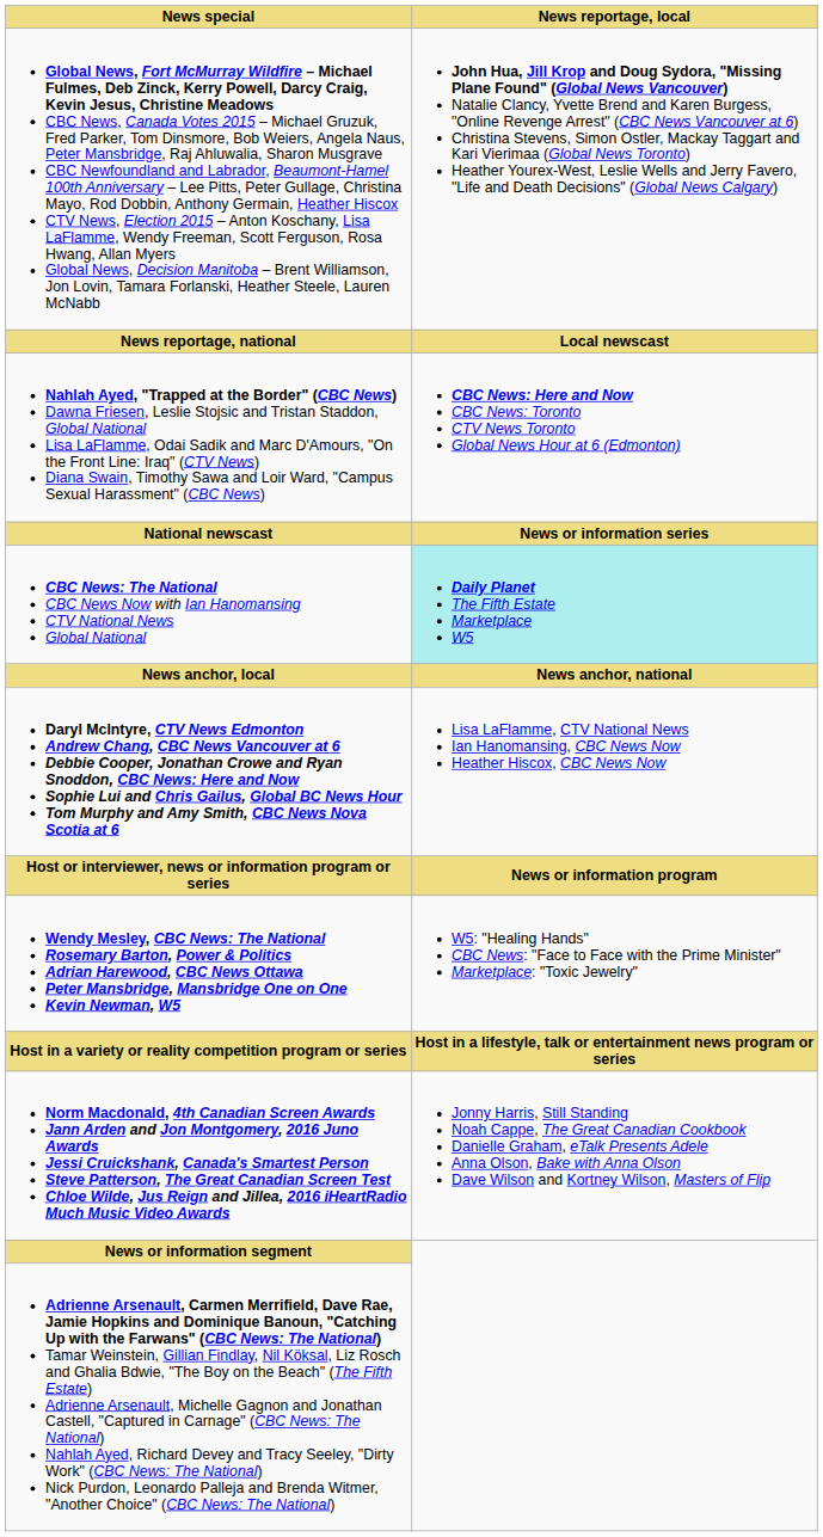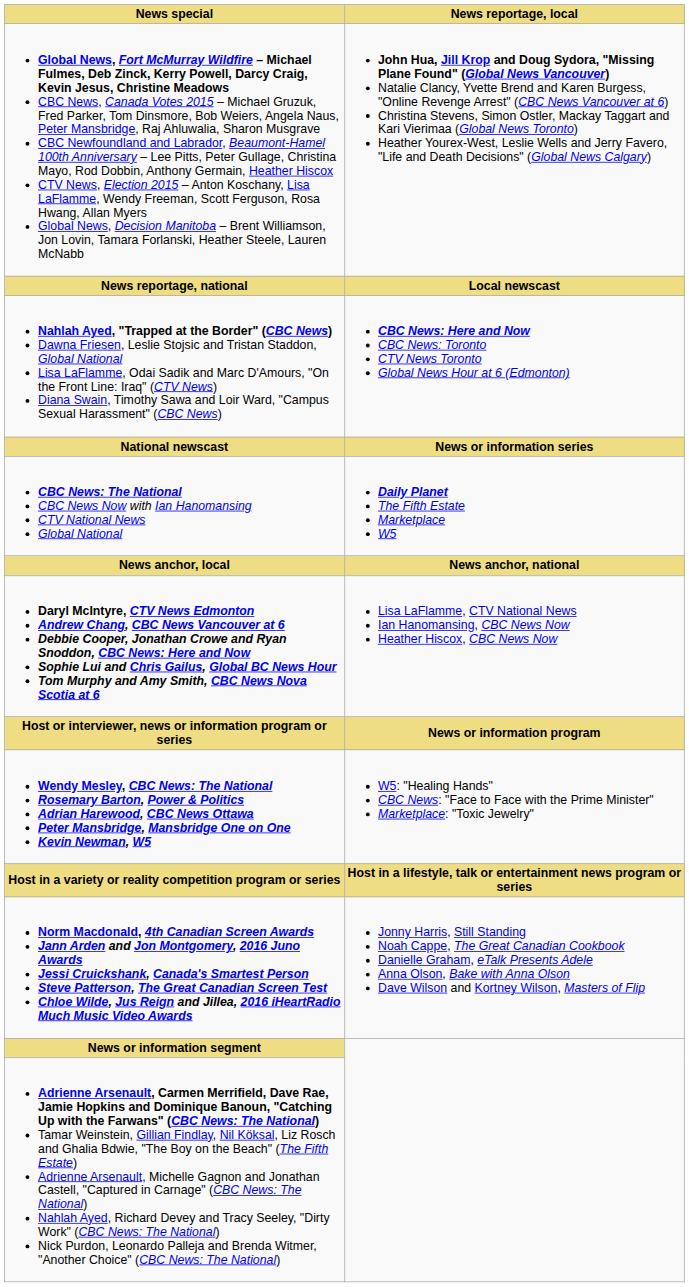 <table class=wikitable width="100%">
 <tr>
 <th style="background:#EEDD82; width:50%">News special</th>
 <th style="background:#EEDD82; width:50%">News reportage, local</th>
 </tr>
 <tr>
 <td valign="top"><br><ul><li> <strong><a href='#'>Global News</a>, <em><a href='#'>Fort McMurray Wildfire</a></em> – Michael Fulmes, Deb Zinck, Kerry Powell, Darcy Craig, Kevin Jesus, Christine Meadows</strong></li><li><a href='#'>CBC News</a>, <em><a href='#'>Canada Votes 2015</a></em> – Michael Gruzuk, Fred Parker, Tom Dinsmore, Bob Weiers, Angela Naus, <a href='#'>Peter Mansbridge</a>, Raj Ahluwalia, Sharon Musgrave</li><li><a href='#'>CBC Newfoundland and Labrador</a>, <em><a href='#'>Beaumont-Hamel 100th Anniversary</a></em> – Lee Pitts, Peter Gullage, Christina Mayo, Rod Dobbin, Anthony Germain, <a href='#'>Heather Hiscox</a></li><li><a href='#'>CTV News</a>, <em><a href='#'>Election 2015</a></em> – Anton Koschany, <a href='#'>Lisa LaFlamme</a>, Wendy Freeman, Scott Ferguson, Rosa Hwang, Allan Myers</li><li><a href='#'>Global News</a>, <em><a href='#'>Decision Manitoba</a></em> – Brent Williamson, Jon Lovin, Tamara Forlanski, Heather Steele, Lauren McNabb</li></ul></td>
 <td valign="top"><br><ul><li> <strong>John Hua, <a href='#'>Jill Krop</a> and Doug Sydora, "Missing Plane Found" (<em><a href='#'>Global News Vancouver</a></em>)</strong></li><li>Natalie Clancy, Yvette Brend and Karen Burgess, "Online Revenge Arrest" (<em><a href='#'>CBC News Vancouver at 6</a></em>)</li><li>Christina Stevens, Simon Ostler, Mackay Taggart and Kari Vierimaa (<em><a href='#'>Global News Toronto</a></em>)</li><li>Heather Yourex-West, Leslie Wells and Jerry Favero, "Life and Death Decisions" (<em><a href='#'>Global News Calgary</a></em>)</li></ul></td>
 </tr>
 <tr>
 <th style="background:#EEDD82; width:50%">News reportage, national</th>
 <th style="background:#EEDD82; width:50%">Local newscast</th>
 </tr>
 <tr>
 <td valign="top"><br><ul><li> <strong><a href='#'>Nahlah Ayed</a>, "Trapped at the Border" (<em><a href='#'>CBC News</a></em>)</strong></li><li><a href='#'>Dawna Friesen</a>, Leslie Stojsic and Tristan Staddon, <em><a href='#'>Global National</a></em></li><li><a href='#'>Lisa LaFlamme</a>, Odai Sadik and Marc D'Amours, "On the Front Line: Iraq" (<em><a href='#'>CTV News</a></em>)</li><li><a href='#'>Diana Swain</a>, Timothy Sawa and Loir Ward, "Campus Sexual Harassment" (<em><a href='#'>CBC News</a></em>)</li></ul></td>
 <td valign="top"><br><ul><li> <strong><em><a href='#'>CBC News: Here and Now</a></em></strong></li><li><em><a href='#'>CBC News: Toronto</a></em></li><li><em><a href='#'>CTV News Toronto</a></em></li><li><em><a href='#'>Global News Hour at 6 (Edmonton)</a></em></li></ul></td>
 </tr>
 <tr>
 <th style="background:#EEDD82; width:50%">National newscast</th>
 <th style="background:#EEDD82; width:50%">News or information series</th>
 </tr>
 <tr>
 <td valign="top"><br><ul><li> <strong><em><a href='#'>CBC News: The National</a></em></strong></li><li><em><a href='#'>CBC News Now</a> with <a href='#'>Ian Hanomansing</a></em></li><li><em><a href='#'>CTV National News</a></em></li><li><em><a href='#'>Global National</a></em></li></ul></td>
-<td valign="top" style="background: paleturquoise;"><br><ul><li> <strong><em><a href='#'>Daily Planet</a></em></strong></li><li><em><a href='#'>The Fifth Estate</a></em></li><li><em><a href='#'>Marketplace</a></em></li><li><em><a href='#'>W5</a></em></li></ul></td>
+<td valign="top"><br><ul><li> <strong><em><a href='#'>Daily Planet</a></em></strong></li><li><em><a href='#'>The Fifth Estate</a></em></li><li><em><a href='#'>Marketplace</a></em></li><li><em><a href='#'>W5</a></em></li></ul></td>
 </tr>
 <tr>
 <th style="background:#EEDD82; width:50%">News anchor, local</th>
 <th style="background:#EEDD82; width:50%">News anchor, national</th>
 </tr>
 <tr>
 <td valign="top"><br><ul><li> <strong>Daryl McIntyre, <em><a href='#'>CTV News Edmonton</a><strong><em></li><li><a href='#'>Andrew Chang</a>, </em><a href='#'>CBC News Vancouver at 6</a><em></li><li>Debbie Cooper, Jonathan Crowe and Ryan Snoddon, </em><a href='#'>CBC News: Here and Now</a><em></li><li>Sophie Lui and <a href='#'>Chris Gailus</a>, </em><a href='#'>Global BC News Hour</a><em></li><li>Tom Murphy and Amy Smith, </em><a href='#'>CBC News Nova Scotia at 6</a><em></li></ul></td>
 <td valign="top"><br><ul><li> </strong><a href='#'>Lisa LaFlamme</a>, </em><a href='#'>CTV National News</a></em></strong></li><li><a href='#'>Ian Hanomansing</a>, <em><a href='#'>CBC News Now</a></em></li><li><a href='#'>Heather Hiscox</a>, <em><a href='#'>CBC News Now</a></em></li></ul></td>
 </tr>
 <tr>
 <th style="background:#EEDD82; width:50%">Host or interviewer, news or information program or series</th>
 <th style="background:#EEDD82; width:50%">News or information program</th>
 </tr>
 <tr>
 <td valign="top"><br><ul><li> <strong><a href='#'>Wendy Mesley</a>, <em><a href='#'>CBC News: The National</a><strong><em></li><li><a href='#'>Rosemary Barton</a>, </em><a href='#'>Power & Politics</a><em></li><li><a href='#'>Adrian Harewood</a>, </em><a href='#'>CBC News Ottawa</a><em></li><li><a href='#'>Peter Mansbridge</a>, </em><a href='#'>Mansbridge One on One</a><em></li><li><a href='#'>Kevin Newman</a>, </em><a href='#'>W5</a><em></li></ul></td>
 <td valign="top"><br><ul><li> </em></strong><a href='#'>W5</a></em>: "Healing Hands"</strong></li><li><em><a href='#'>CBC News</a></em>: "Face to Face with the Prime Minister"</li><li><em><a href='#'>Marketplace</a></em>: "Toxic Jewelry"</li></ul></td>
 </tr>
 <tr>
 <th style="background:#EEDD82; width:50%">Host in a variety or reality competition program or series</th>
 <th style="background:#EEDD82; width:50%">Host in a lifestyle, talk or entertainment news program or series</th>
 </tr>
 <tr>
 <td valign="top"><br><ul><li> <strong><a href='#'>Norm Macdonald</a>, <em><a href='#'>4th Canadian Screen Awards</a><strong><em></li><li><a href='#'>Jann Arden</a> and <a href='#'>Jon Montgomery</a>, </em><a href='#'>2016 Juno Awards</a><em></li><li><a href='#'>Jessi Cruickshank</a>, </em><a href='#'>Canada's Smartest Person</a><em></li><li><a href='#'>Steve Patterson</a>, </em><a href='#'>The Great Canadian Screen Test</a><em></li><li><a href='#'>Chloe Wilde</a>, <a href='#'>Jus Reign</a> and Jillea, </em><a href='#'>2016 iHeartRadio Much Music Video Awards</a><em></li></ul></td>
 <td valign="top"><br><ul><li> </strong><a href='#'>Jonny Harris</a>, </em><a href='#'>Still Standing</a></em></strong></li><li><a href='#'>Noah Cappe</a>, <em><a href='#'>The Great Canadian Cookbook</a></em></li><li><a href='#'>Danielle Graham</a>, <em><a href='#'>eTalk Presents Adele</a></em></li><li><a href='#'>Anna Olson</a>, <em><a href='#'>Bake with Anna Olson</a></em></li><li><a href='#'>Dave Wilson</a> and <a href='#'>Kortney Wilson</a>, <em><a href='#'>Masters of Flip</a></em></li></ul></td>
 </tr>
 <tr>
 <th style="background:#EEDD82; width:50%">News or information segment</th>
 </tr>
 <tr>
 <td valign="top"><br><ul><li> <strong><a href='#'>Adrienne Arsenault</a>, Carmen Merrifield, Dave Rae, Jamie Hopkins and Dominique Banoun, "Catching Up with the Farwans" (<em><a href='#'>CBC News: The National</a></em>)</strong></li><li>Tamar Weinstein, <a href='#'>Gillian Findlay</a>, <a href='#'>Nil Köksal</a>, Liz Rosch and Ghalia Bdwie, "The Boy on the Beach" (<em><a href='#'>The Fifth Estate</a></em>)</li><li><a href='#'>Adrienne Arsenault</a>, Michelle Gagnon and Jonathan Castell, "Captured in Carnage" (<em><a href='#'>CBC News: The National</a></em>)</li><li><a href='#'>Nahlah Ayed</a>, Richard Devey and Tracy Seeley, "Dirty Work" (<em><a href='#'>CBC News: The National</a></em>)</li><li>Nick Purdon, Leonardo Palleja and Brenda Witmer, "Another Choice" (<em><a href='#'>CBC News: The National</a></em>)</li></ul></td>
 </tr>
 </table>
